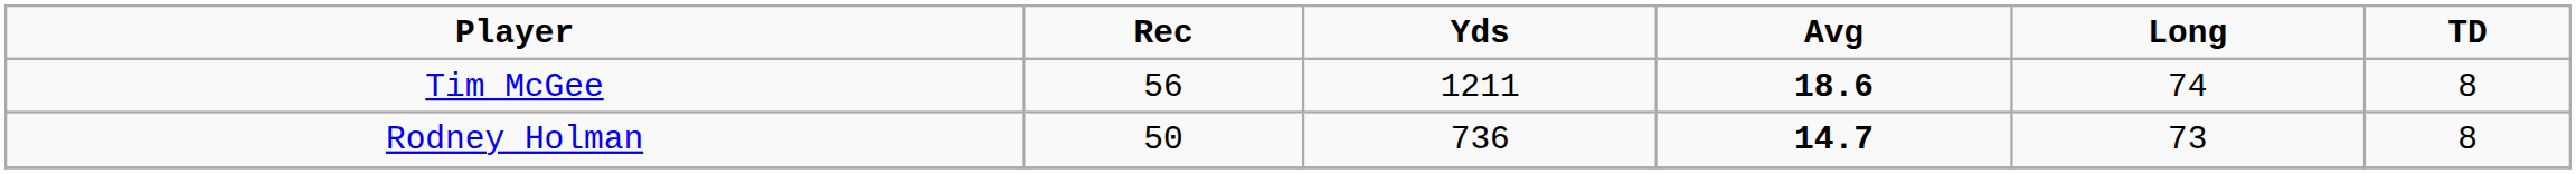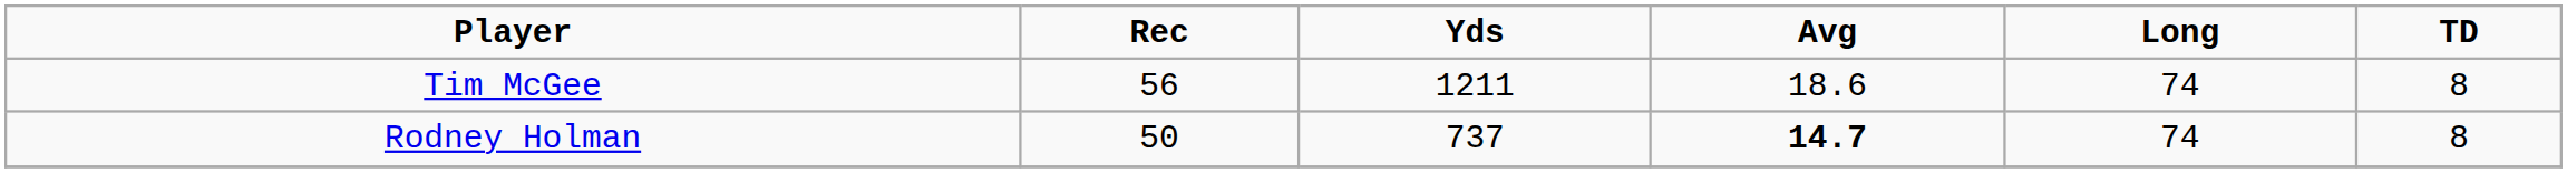 <table class="wikitable" width="80%">
 <tr align="center">
 <td><strong>Player</strong></td>
 <td><strong>Rec</strong></td>
 <td><strong>Yds</strong></td>
 <td><strong>Avg</strong></td>
 <td><strong>Long</strong></td>
 <td><strong>TD</strong></td>
 </tr>
 <tr align="center" bgcolor="">
 <td><a href='#'>Tim McGee</a></td>
 <td>56</td>
 <td>1211</td>
-<td><strong>18.6</strong></td>
+<td>18.6</td>
 <td>74</td>
 <td>8</td>
 </tr>
 <tr align="center" bgcolor="">
 <td><a href='#'>Rodney Holman</a></td>
 <td>50</td>
-<td>736</td>
+<td>737</td>
 <td><strong>14.7</strong></td>
-<td>73</td>
+<td>74</td>
 <td>8</td>
 </tr>
 <tr align="center" bgcolor="">
 </tr>
 </table>
